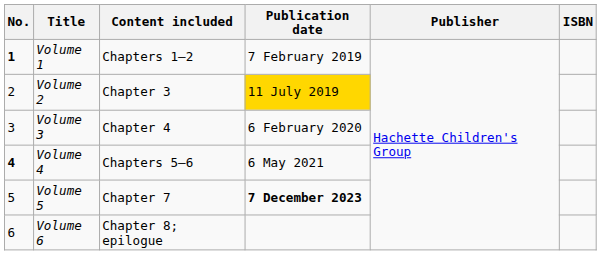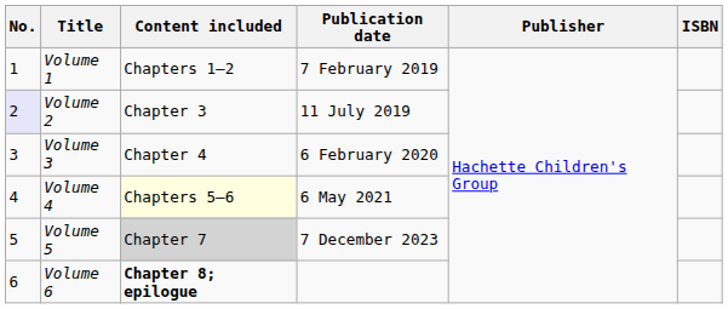 <table class="wikitable">
 <tr>
 <th>No.</th>
 <th>Title</th>
 <th>Content included</th>
 <th>Publication date</th>
 <th>Publisher</th>
 <th>ISBN</th>
 </tr>
 <tr>
-<td><strong>1</strong></td>
+<td>1</td>
 <td><em>Volume 1</em></td>
 <td>Chapters 1–2</td>
 <td>7 February 2019</td>
 <td rowspan="6"><a href='#'>Hachette Children's Group</a></td>
 <td></td>
 </tr>
 <tr>
-<td>2</td>
+<td style="background: lavender;">2</td>
 <td><em>Volume 2</em></td>
 <td>Chapter 3</td>
-<td style="background: gold;">11 July 2019</td>
+<td>11 July 2019</td>
 <td></td>
 </tr>
 <tr>
 <td>3</td>
 <td><em>Volume 3</em></td>
 <td>Chapter 4</td>
 <td>6 February 2020</td>
 <td></td>
 </tr>
 <tr>
-<td><strong>4</strong></td>
+<td>4</td>
 <td><em>Volume 4</em></td>
-<td>Chapters 5–6</td>
+<td style="background: lightyellow;">Chapters 5–6</td>
 <td>6 May 2021</td>
 <td></td>
 </tr>
 <tr>
 <td>5</td>
 <td><em>Volume 5</em></td>
-<td>Chapter 7</td>
-<td><strong>7 December 2023</strong></td>
+<td style="background: lightgrey;">Chapter 7</td>
+<td>7 December 2023</td>
 <td></td>
 </tr>
 <tr>
 <td>6</td>
 <td><em>Volume 6</em></td>
-<td>Chapter 8; epilogue</td>
+<td><strong>Chapter 8; epilogue</strong></td>
 <td></td>
 <td></td>
 </tr>
 </table>
